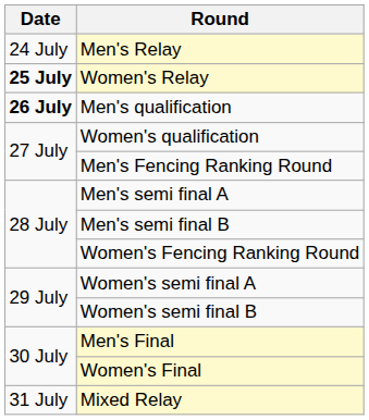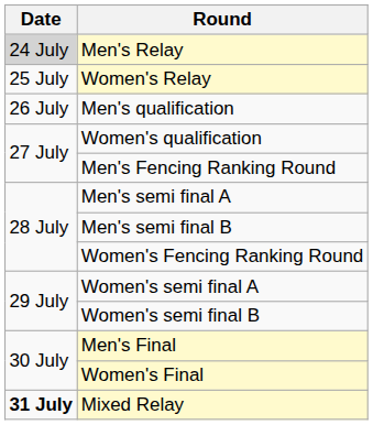 <table class="wikitable">
 <tr>
 <th>Date</th>
 <th>Round</th>
 </tr>
 <tr>
-<td>24 July</td>
+<td style="background: lightgrey;">24 July</td>
 <td bgcolor=lemonchiffon>Men's Relay</td>
 </tr>
 <tr>
-<td><strong>25 July</strong></td>
+<td>25 July</td>
 <td bgcolor=lemonchiffon>Women's Relay</td>
 </tr>
 <tr>
-<td><strong>26 July</strong></td>
+<td>26 July</td>
 <td>Men's qualification</td>
 </tr>
 <tr>
 <td rowspan=2>27 July</td>
 <td>Women's qualification</td>
 </tr>
 <tr>
 <td>Men's Fencing Ranking Round</td>
 </tr>
 <tr>
 <td rowspan=3>28 July</td>
 <td>Men's semi final A</td>
 </tr>
 <tr>
 <td>Men's semi final B</td>
 </tr>
 <tr>
 <td>Women's Fencing Ranking Round</td>
 </tr>
 <tr>
 <td rowspan=2>29 July</td>
 <td>Women's semi final A</td>
 </tr>
 <tr>
 <td>Women's semi final B</td>
 </tr>
 <tr>
 <td rowspan=2>30 July</td>
 <td bgcolor=lemonchiffon>Men's Final</td>
 </tr>
 <tr>
 <td bgcolor=lemonchiffon>Women's Final</td>
 </tr>
 <tr>
-<td>31 July</td>
+<td><strong>31 July</strong></td>
 <td bgcolor=lemonchiffon>Mixed Relay</td>
 </tr>
 </table>
